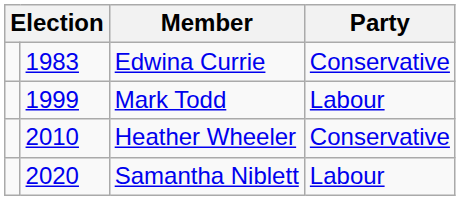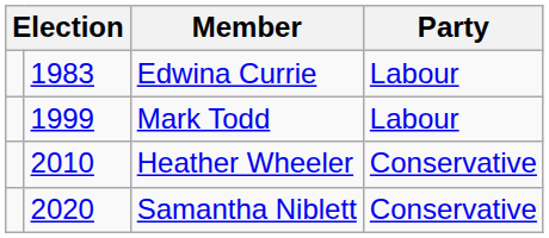 <table class="wikitable">
 <tr>
 <th colspan="2">Election</th>
 <th>Member</th>
 <th>Party</th>
 </tr>
 <tr>
 <td style="color:inherit;background-color: "></td>
 <td><a href='#'>1983</a></td>
 <td><a href='#'>Edwina Currie</a></td>
-<td><a href='#'>Conservative</a></td>
+<td><a href='#'>Labour</a></td>
 </tr>
 <tr>
 <td style="color:inherit;background-color: "></td>
 <td><a href='#'>1999</a></td>
 <td><a href='#'>Mark Todd</a></td>
 <td><a href='#'>Labour</a></td>
 </tr>
 <tr>
 <td style="color:inherit;background-color: "></td>
 <td><a href='#'>2010</a></td>
 <td><a href='#'>Heather Wheeler</a></td>
 <td><a href='#'>Conservative</a></td>
 </tr>
 <tr>
 <td style="color:inherit;background-color: "></td>
 <td><a href='#'>2020</a></td>
 <td><a href='#'>Samantha Niblett</a></td>
-<td><a href='#'>Labour</a></td>
+<td><a href='#'>Conservative</a></td>
 </tr>
 </table>
